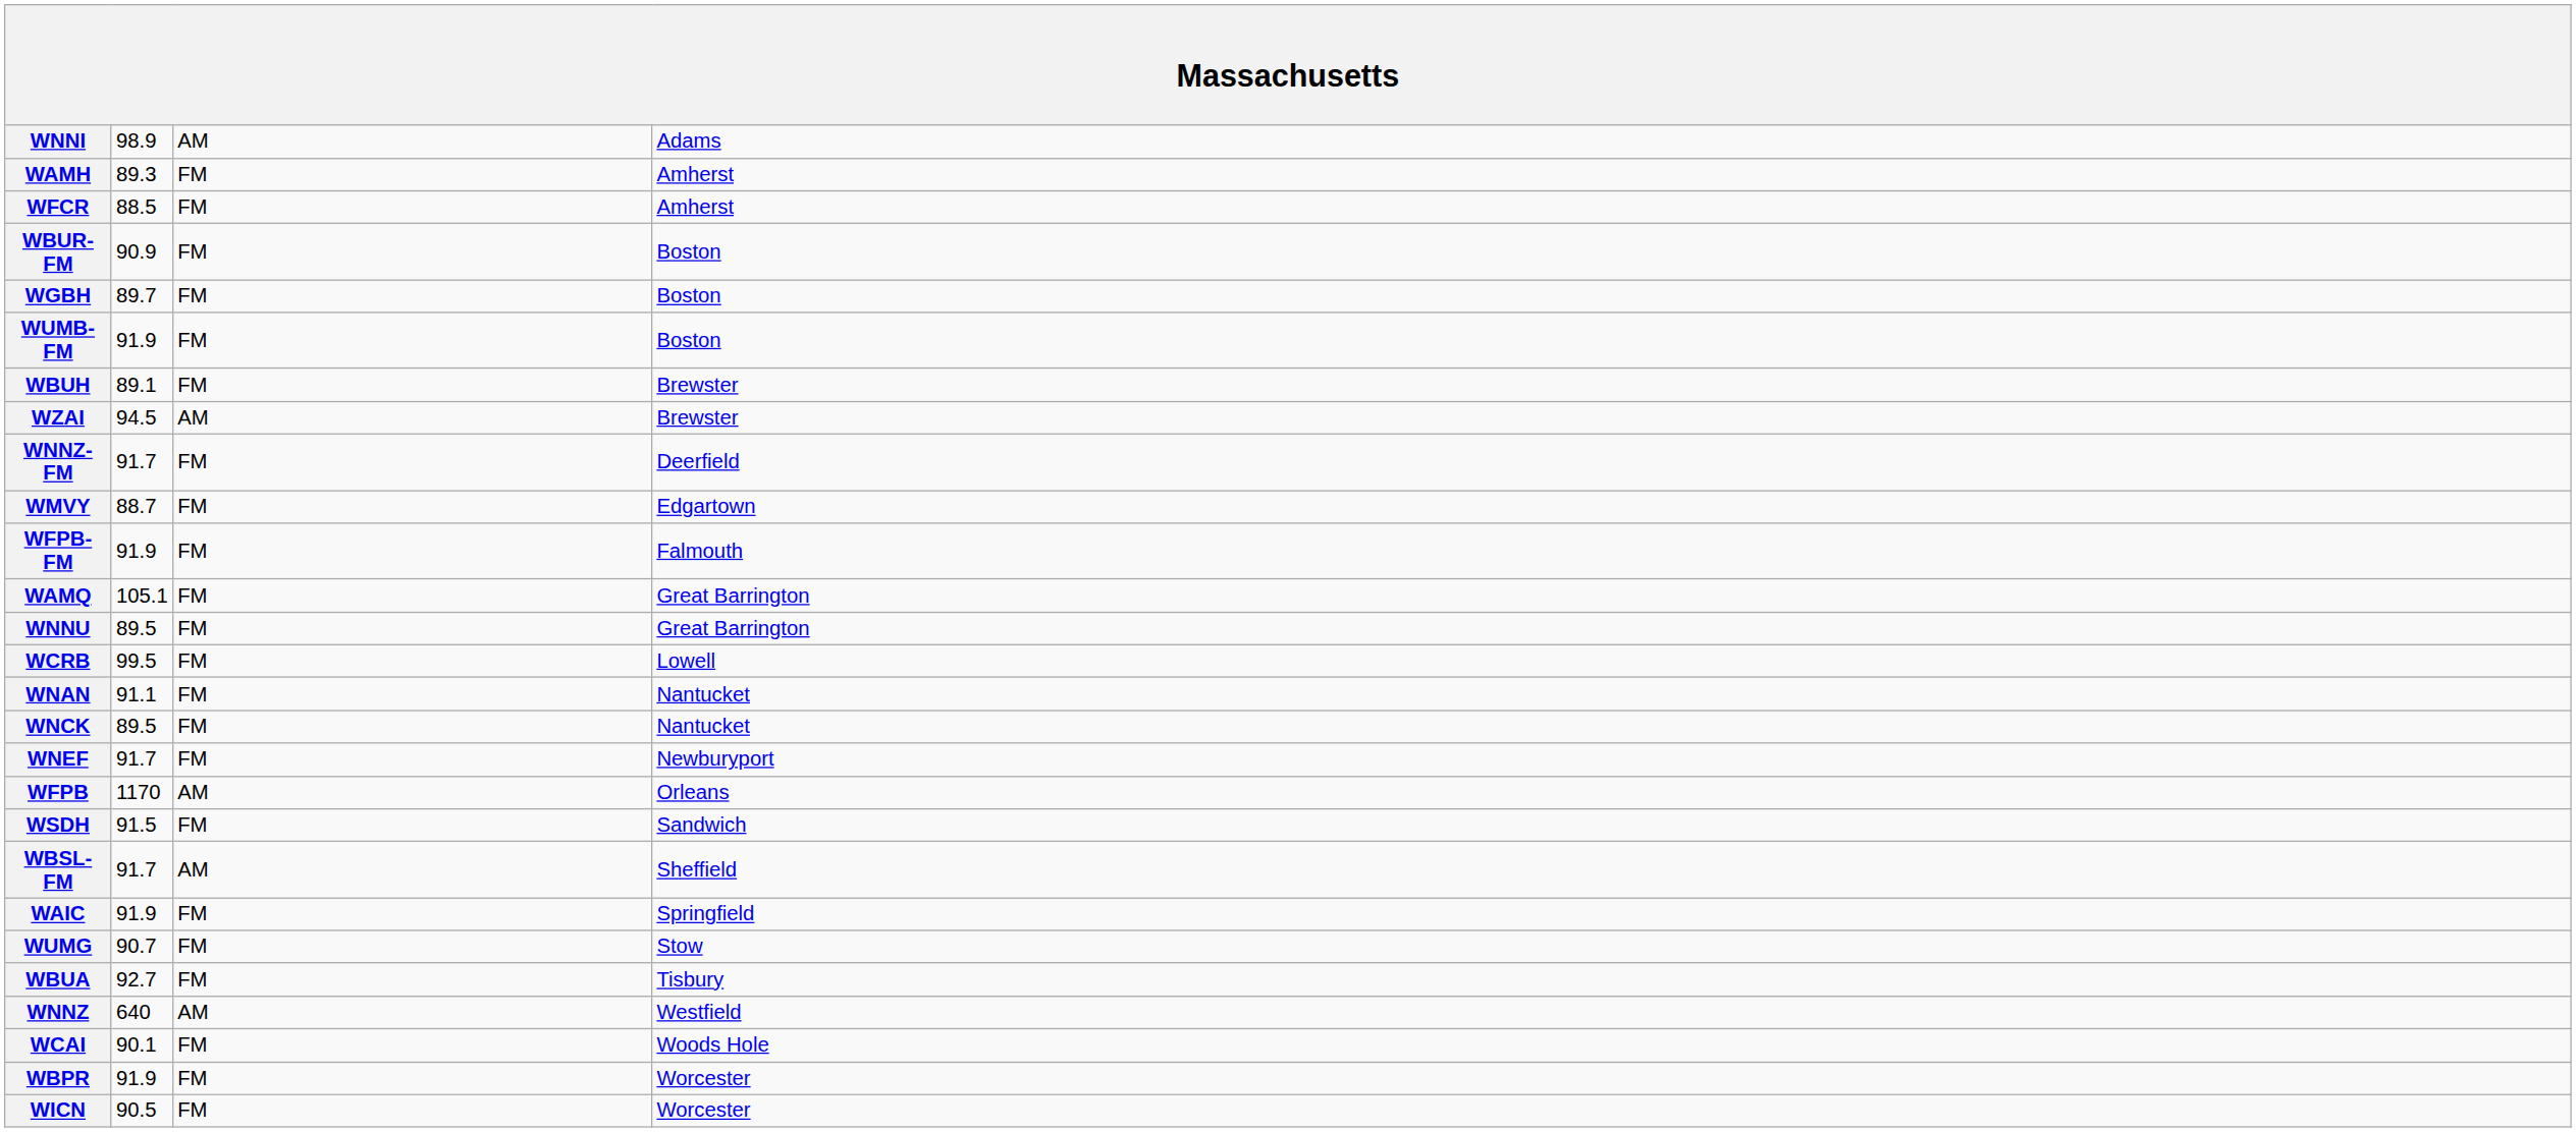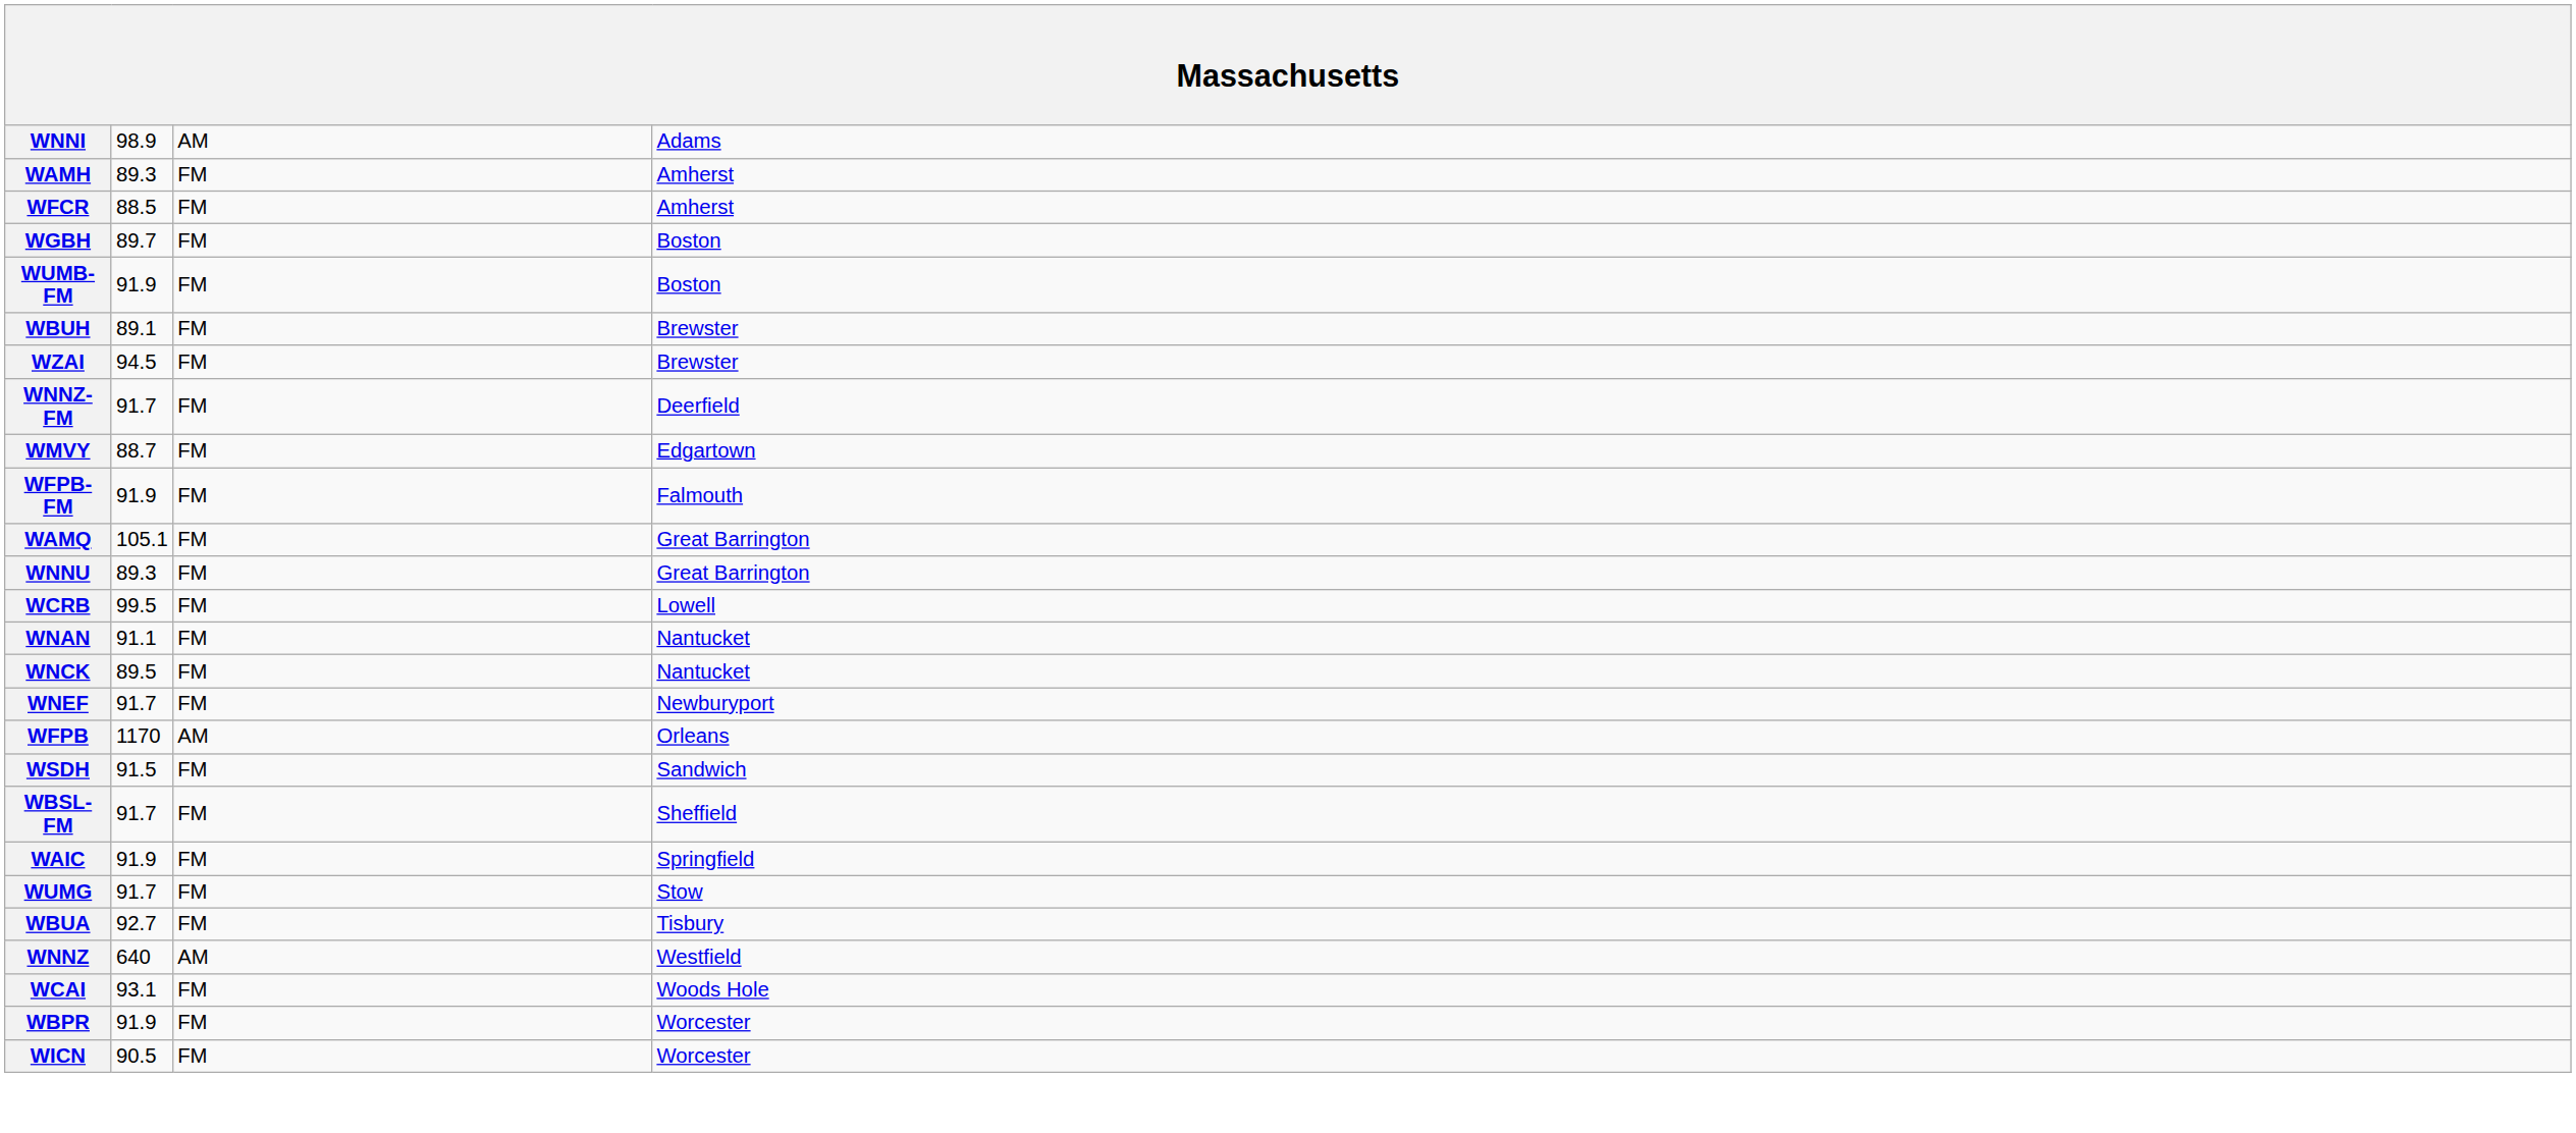 <table class="wikitable mw-collapsible" style="width:100%">
 <tr>
 <th scope="col" colspan="4"><br><h2>Massachusetts</h2></th>
 </tr>
 <tr>
 <th scope="row" style="width: 75px;"><a href='#'>WNNI</a></th>
 <td style="width: 40px;">98.9</td>
 <td>AM</td>
 <td><a href='#'>Adams</a></td>
 </tr>
 <tr>
 <th scope="row"><a href='#'>WAMH</a></th>
 <td>89.3</td>
 <td>FM</td>
 <td><a href='#'>Amherst</a></td>
 </tr>
 <tr>
 <th scope="row"><a href='#'>WFCR</a></th>
 <td>88.5</td>
 <td>FM</td>
 <td><a href='#'>Amherst</a></td>
 </tr>
 <tr>
-<th scope="row"><a href='#'>WBUR-FM</a></th>
-<td>90.9</td>
-<td>FM</td>
-<td><a href='#'>Boston</a></td>
-</tr>
-<tr>
 <th scope="row"><a href='#'>WGBH</a></th>
 <td>89.7</td>
 <td>FM</td>
 <td><a href='#'>Boston</a></td>
 </tr>
 <tr>
 <th scope="row"><a href='#'>WUMB-FM</a></th>
 <td>91.9</td>
 <td>FM</td>
 <td><a href='#'>Boston</a></td>
 </tr>
 <tr>
 <th scope="row"><a href='#'>WBUH</a></th>
 <td>89.1</td>
 <td>FM</td>
 <td><a href='#'>Brewster</a></td>
 </tr>
 <tr>
 <th scope="row"><a href='#'>WZAI</a></th>
 <td>94.5</td>
-<td>AM</td>
+<td>FM</td>
 <td><a href='#'>Brewster</a></td>
 </tr>
 <tr>
 <th scope="row"><a href='#'>WNNZ-FM</a></th>
 <td>91.7</td>
 <td>FM</td>
 <td><a href='#'>Deerfield</a></td>
 </tr>
 <tr>
 <th scope="row"><a href='#'>WMVY</a></th>
 <td>88.7</td>
 <td>FM</td>
 <td><a href='#'>Edgartown</a></td>
 </tr>
 <tr>
 <th scope="row"><a href='#'>WFPB-FM</a></th>
 <td>91.9</td>
 <td>FM</td>
 <td><a href='#'>Falmouth</a></td>
 </tr>
 <tr>
 <th scope="row"><a href='#'>WAMQ</a></th>
 <td>105.1</td>
 <td>FM</td>
 <td><a href='#'>Great Barrington</a></td>
 </tr>
 <tr>
 <th scope="row"><a href='#'>WNNU</a></th>
-<td>89.5</td>
+<td>89.3</td>
 <td>FM</td>
 <td><a href='#'>Great Barrington</a></td>
 </tr>
 <tr>
 <th scope="row"><a href='#'>WCRB</a></th>
 <td>99.5</td>
 <td>FM</td>
 <td><a href='#'>Lowell</a></td>
 </tr>
 <tr>
 <th scope="row"><a href='#'>WNAN</a></th>
 <td>91.1</td>
 <td>FM</td>
 <td><a href='#'>Nantucket</a></td>
 </tr>
 <tr>
 <th scope="row"><a href='#'>WNCK</a></th>
 <td>89.5</td>
 <td>FM</td>
 <td><a href='#'>Nantucket</a></td>
 </tr>
 <tr>
 <th scope="row"><a href='#'>WNEF</a></th>
 <td>91.7</td>
 <td>FM</td>
 <td><a href='#'>Newburyport</a></td>
 </tr>
 <tr>
 <th scope="row"><a href='#'>WFPB</a></th>
 <td>1170</td>
 <td>AM</td>
 <td><a href='#'>Orleans</a></td>
 </tr>
 <tr>
 <th scope="row"><a href='#'>WSDH</a></th>
 <td>91.5</td>
 <td>FM</td>
 <td><a href='#'>Sandwich</a></td>
 </tr>
 <tr>
 <th scope="row"><a href='#'>WBSL-FM</a></th>
 <td>91.7</td>
-<td>AM</td>
+<td>FM</td>
 <td><a href='#'>Sheffield</a></td>
 </tr>
 <tr>
 <th scope="row"><a href='#'>WAIC</a></th>
 <td>91.9</td>
 <td>FM</td>
 <td><a href='#'>Springfield</a></td>
 </tr>
 <tr>
 <th scope="row"><a href='#'>WUMG</a></th>
-<td>90.7</td>
+<td>91.7</td>
 <td>FM</td>
 <td><a href='#'>Stow</a></td>
 </tr>
 <tr>
 <th scope="row"><a href='#'>WBUA</a></th>
 <td>92.7</td>
 <td>FM</td>
 <td><a href='#'>Tisbury</a></td>
 </tr>
 <tr>
 <th scope="row"><a href='#'>WNNZ</a></th>
 <td>640</td>
 <td>AM</td>
 <td><a href='#'>Westfield</a></td>
 </tr>
 <tr>
 <th scope="row"><a href='#'>WCAI</a></th>
-<td>90.1</td>
+<td>93.1</td>
 <td>FM</td>
 <td><a href='#'>Woods Hole</a></td>
 </tr>
 <tr>
 <th scope="row"><a href='#'>WBPR</a></th>
 <td>91.9</td>
 <td>FM</td>
 <td><a href='#'>Worcester</a></td>
 </tr>
 <tr>
 <th scope="row"><a href='#'>WICN</a></th>
 <td>90.5</td>
 <td>FM</td>
 <td><a href='#'>Worcester</a></td>
 </tr>
 </table>
